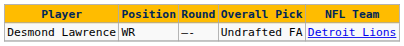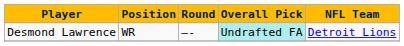 <table class="wikitable" border="1">
 <tr>
 <th style="background: #FFBC00; color: #002659">Player</th>
 <th style="background: #FFBC00; color: #002659">Position</th>
 <th style="background: #FFBC00; color: #002659">Round</th>
 <th style="background: #FFBC00; color: #002659">Overall Pick</th>
 <th style="background: #FFBC00; color: #002659">NFL Team</th>
 </tr>
 <tr>
 <td>Desmond Lawrence</td>
 <td>WR</td>
 <td>—-</td>
-<td>Undrafted FA</td>
+<td style="background: paleturquoise;">Undrafted FA</td>
 <td><a href='#'>Detroit Lions</a></td>
 </tr>
 <tr>
 </tr>
 </table>
